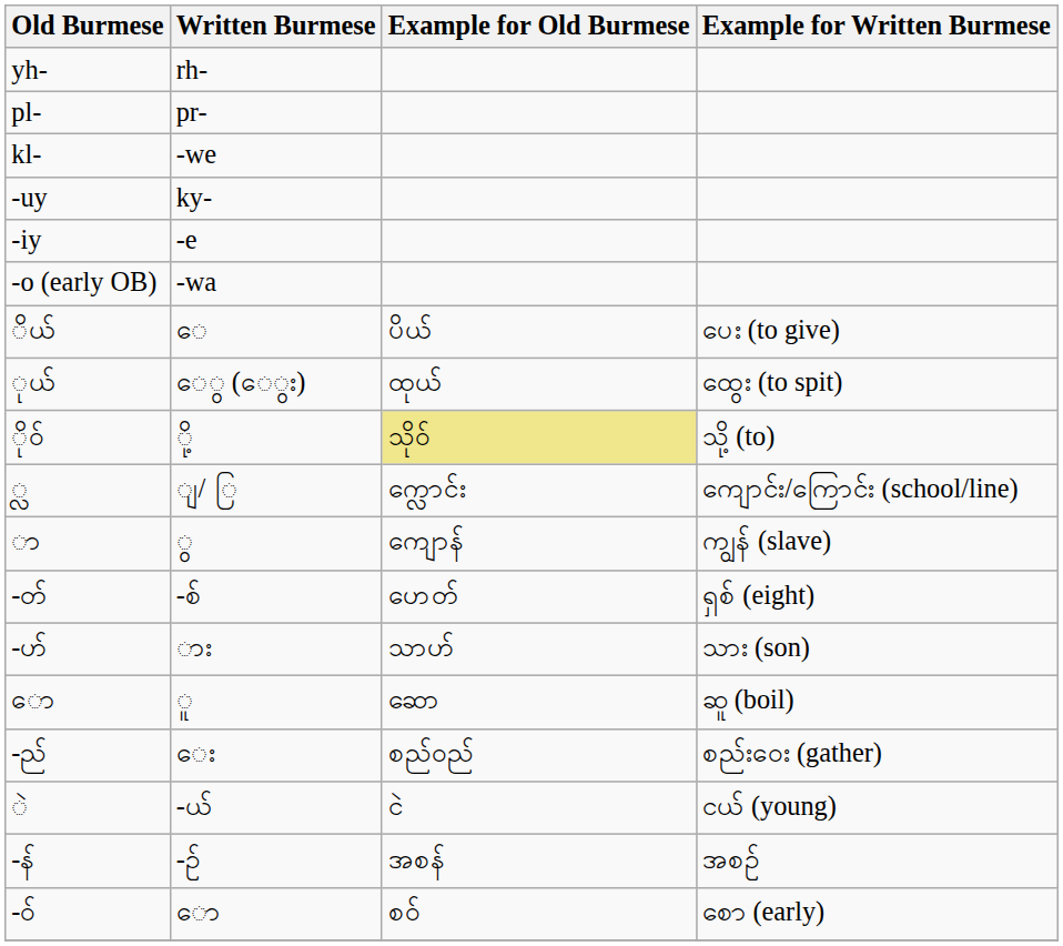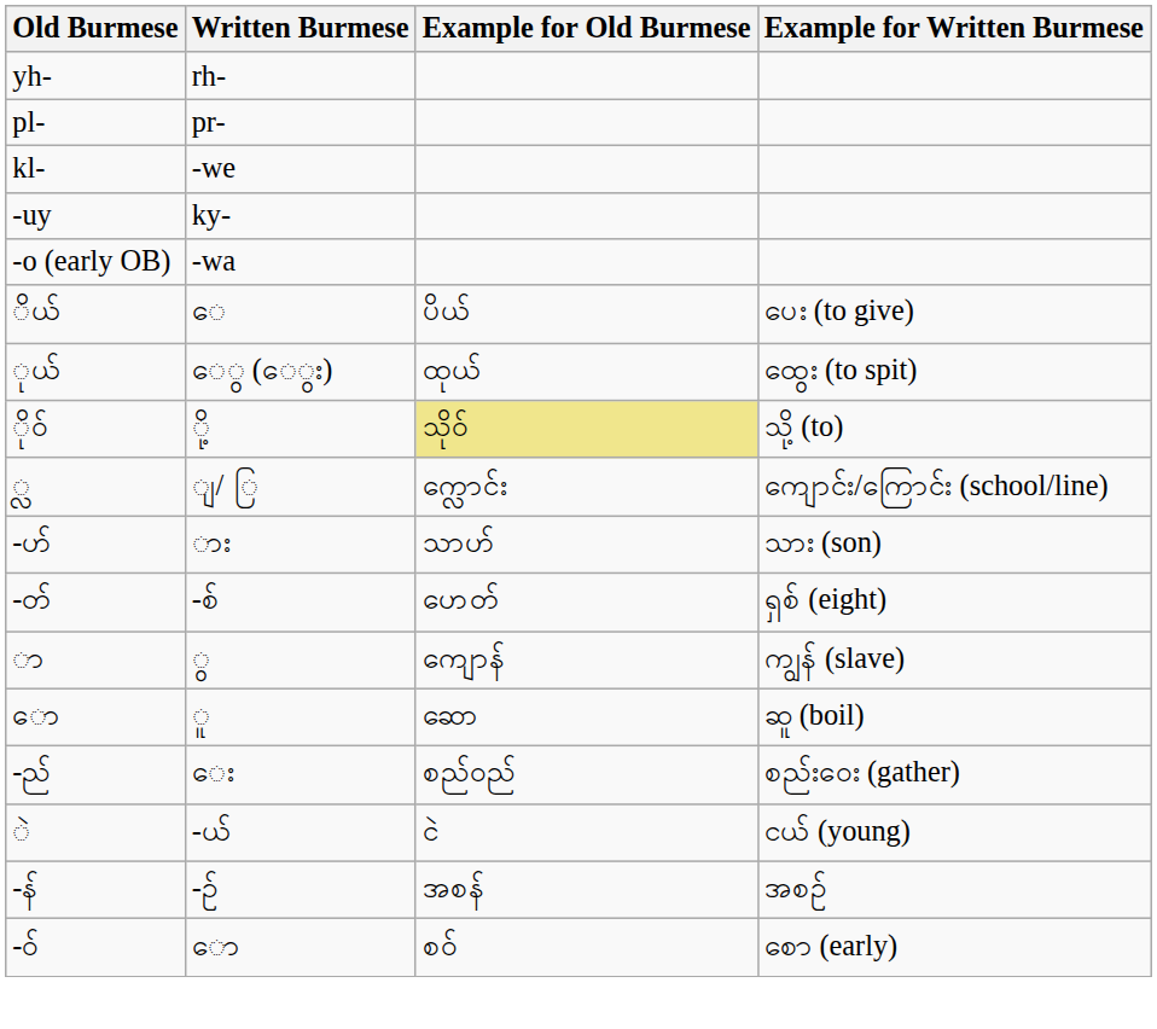 <table class="wikitable">
 <tr>
 <th>Old Burmese</th>
 <th>Written Burmese</th>
 <th>Example for Old Burmese</th>
 <th>Example for Written Burmese</th>
 </tr>
 <tr>
 <td>yh-</td>
 <td>rh-</td>
 <td></td>
 <td></td>
 </tr>
 <tr>
 <td>pl-</td>
 <td>pr-</td>
 <td></td>
 <td></td>
 </tr>
 <tr>
 <td>kl-</td>
 <td>-we</td>
 <td></td>
 <td></td>
 </tr>
 <tr>
 <td>-uy</td>
 <td>ky-</td>
-<td></td>
-<td></td>
-</tr>
-<tr>
-<td>-iy</td>
-<td>-e</td>
 <td></td>
 <td></td>
 </tr>
 <tr>
 <td>-o (early OB)</td>
 <td>-wa</td>
 <td></td>
 <td></td>
 </tr>
 <tr>
 <td>ိယ်</td>
 <td>‌ေ</td>
 <td>ပိယ်</td>
 <td>ပေး (to give)</td>
 </tr>
 <tr>
 <td>ုယ်</td>
 <td>‌ေွ (‌ေွး)</td>
 <td>ထုယ်</td>
 <td>ထွေး (to spit)</td>
 </tr>
 <tr>
 <td>ိုဝ်</td>
 <td>ို့</td>
 <td style="background: khaki;">သိုဝ်</td>
 <td>သို့ (to)</td>
 </tr>
 <tr>
 <td>္လ</td>
 <td>ျ/ ြ</td>
 <td>က္လောင်း</td>
 <td>ကျောင်း/ကြောင်း (school/line)</td>
 </tr>
 <tr>
-<td>ာ</td>
-<td>ွ</td>
-<td>ကျောန်</td>
-<td>ကျွန် (slave)</td>
+<td>-ဟ်</td>
+<td>ား</td>
+<td>သာဟ်</td>
+<td>သား (son)</td>
 </tr>
 <tr>
 <td>-တ်</td>
 <td>-စ်</td>
 <td>ဟေတ်</td>
 <td>ရှစ် (eight)</td>
 </tr>
 <tr>
-<td>-ဟ်</td>
-<td>ား</td>
-<td>သာဟ်</td>
-<td>သား (son)</td>
+<td>ာ</td>
+<td>ွ</td>
+<td>ကျောန်</td>
+<td>ကျွန် (slave)</td>
 </tr>
 <tr>
 <td>‌ော</td>
 <td>ူ</td>
 <td>ဆော</td>
 <td>ဆူ (boil)</td>
 </tr>
 <tr>
 <td>-ည်</td>
 <td>‌ေး</td>
 <td>စည်ဝည်</td>
 <td>စည်းဝေး (gather)</td>
 </tr>
 <tr>
 <td>ဲ</td>
 <td>-ယ်</td>
 <td>ငဲ</td>
 <td>ငယ် (young)</td>
 </tr>
 <tr>
 <td>-န်</td>
 <td>-ဉ်</td>
 <td>အစန်</td>
 <td>အစဉ်</td>
 </tr>
 <tr>
 <td>-ဝ်</td>
 <td>‌ော</td>
 <td>စဝ်</td>
 <td>စော (early)</td>
 </tr>
 <tr>
 </tr>
 </table>
